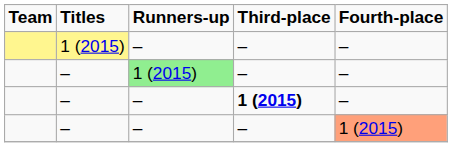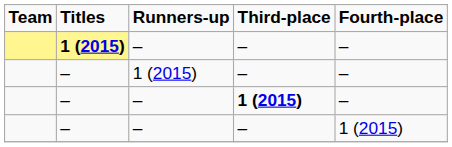 <table class="wikitable">
 <tr>
 <td><strong>Team</strong></td>
 <td><strong>Titles</strong></td>
 <td><strong>Runners-up</strong></td>
 <td><strong>Third-place</strong></td>
 <td><strong>Fourth-place</strong></td>
 </tr>
 <tr>
 <td style="background:#fff68f;"></td>
-<td style="background:#fff68f;">1 (<a href='#'>2015</a>)</td>
+<td style="background:#fff68f;"><strong>1 (<a href='#'>2015</a>)</strong></td>
 <td>–</td>
 <td>–</td>
 <td>–</td>
 </tr>
 <tr>
 <td></td>
 <td>–</td>
-<td style="background: lightgreen;">1 (<a href='#'>2015</a>)</td>
+<td>1 (<a href='#'>2015</a>)</td>
 <td>–</td>
 <td>–</td>
 </tr>
 <tr>
 <td></td>
 <td>–</td>
 <td>–</td>
 <td><strong>1 (<a href='#'>2015</a>)</strong></td>
 <td>–</td>
 </tr>
 <tr>
 <td></td>
 <td>–</td>
 <td>–</td>
 <td>–</td>
-<td style="background: lightsalmon;">1 (<a href='#'>2015</a>)</td>
+<td>1 (<a href='#'>2015</a>)</td>
 </tr>
 <tr>
 </tr>
 </table>
